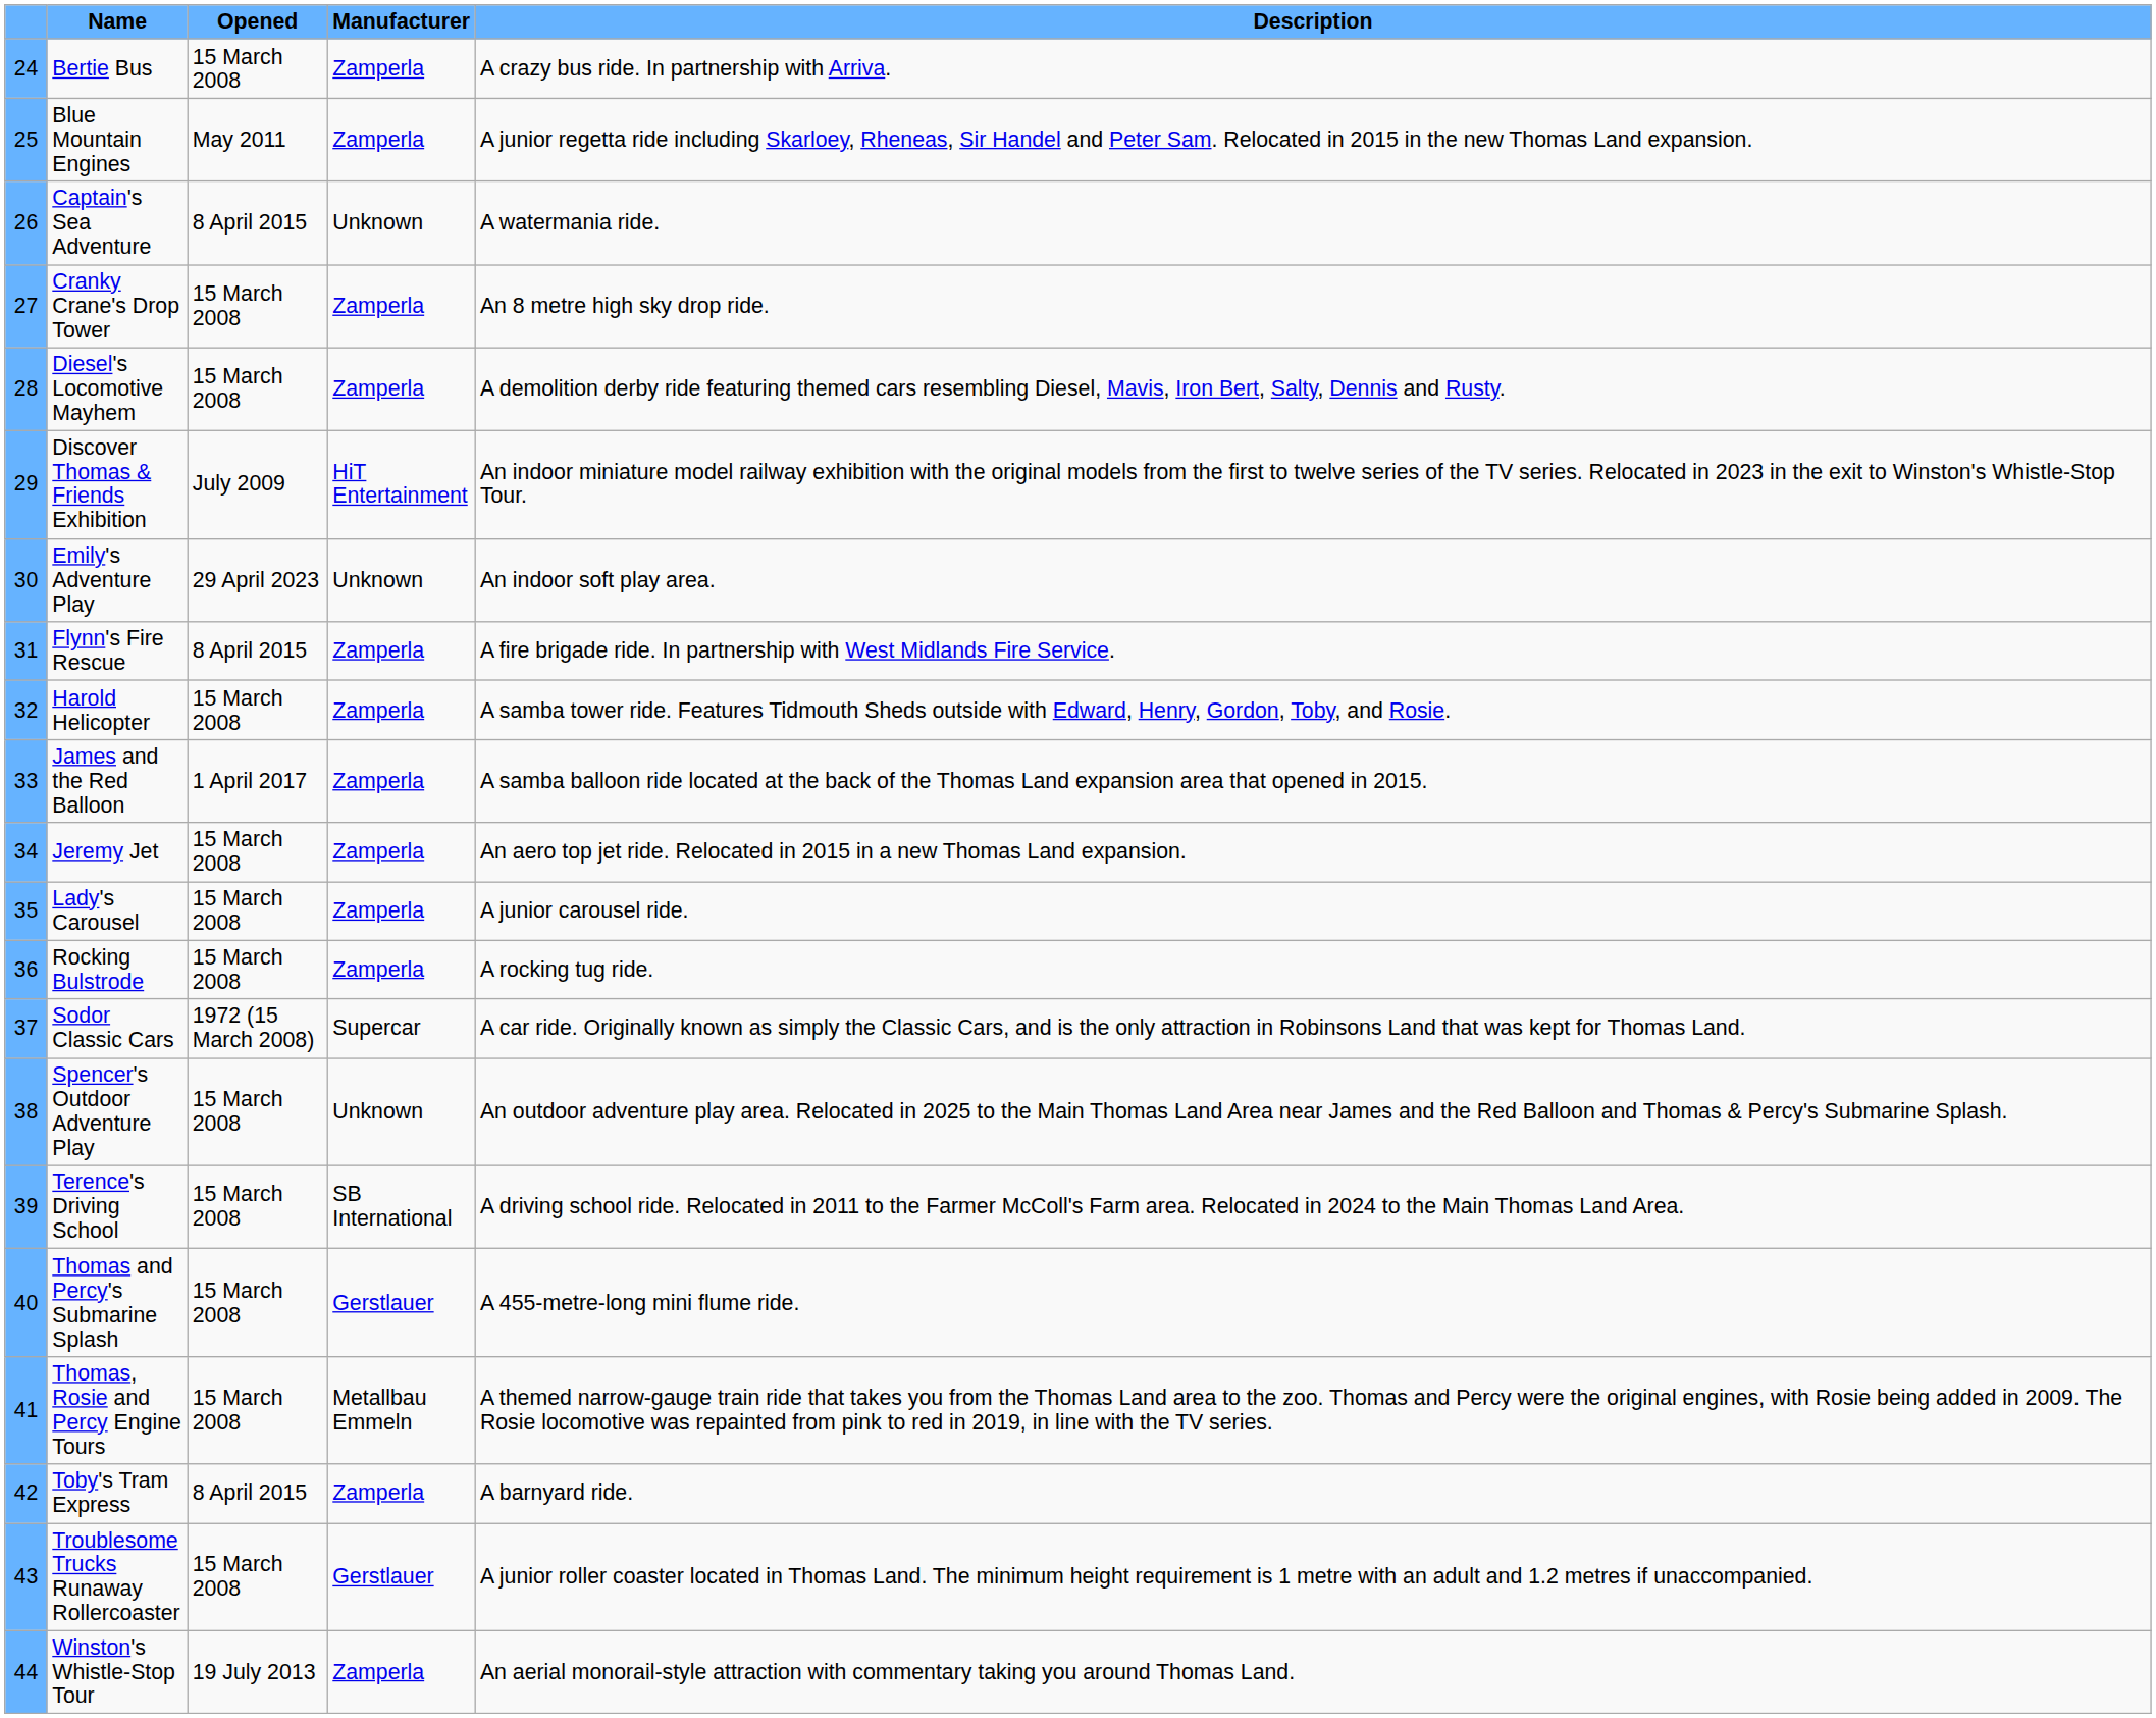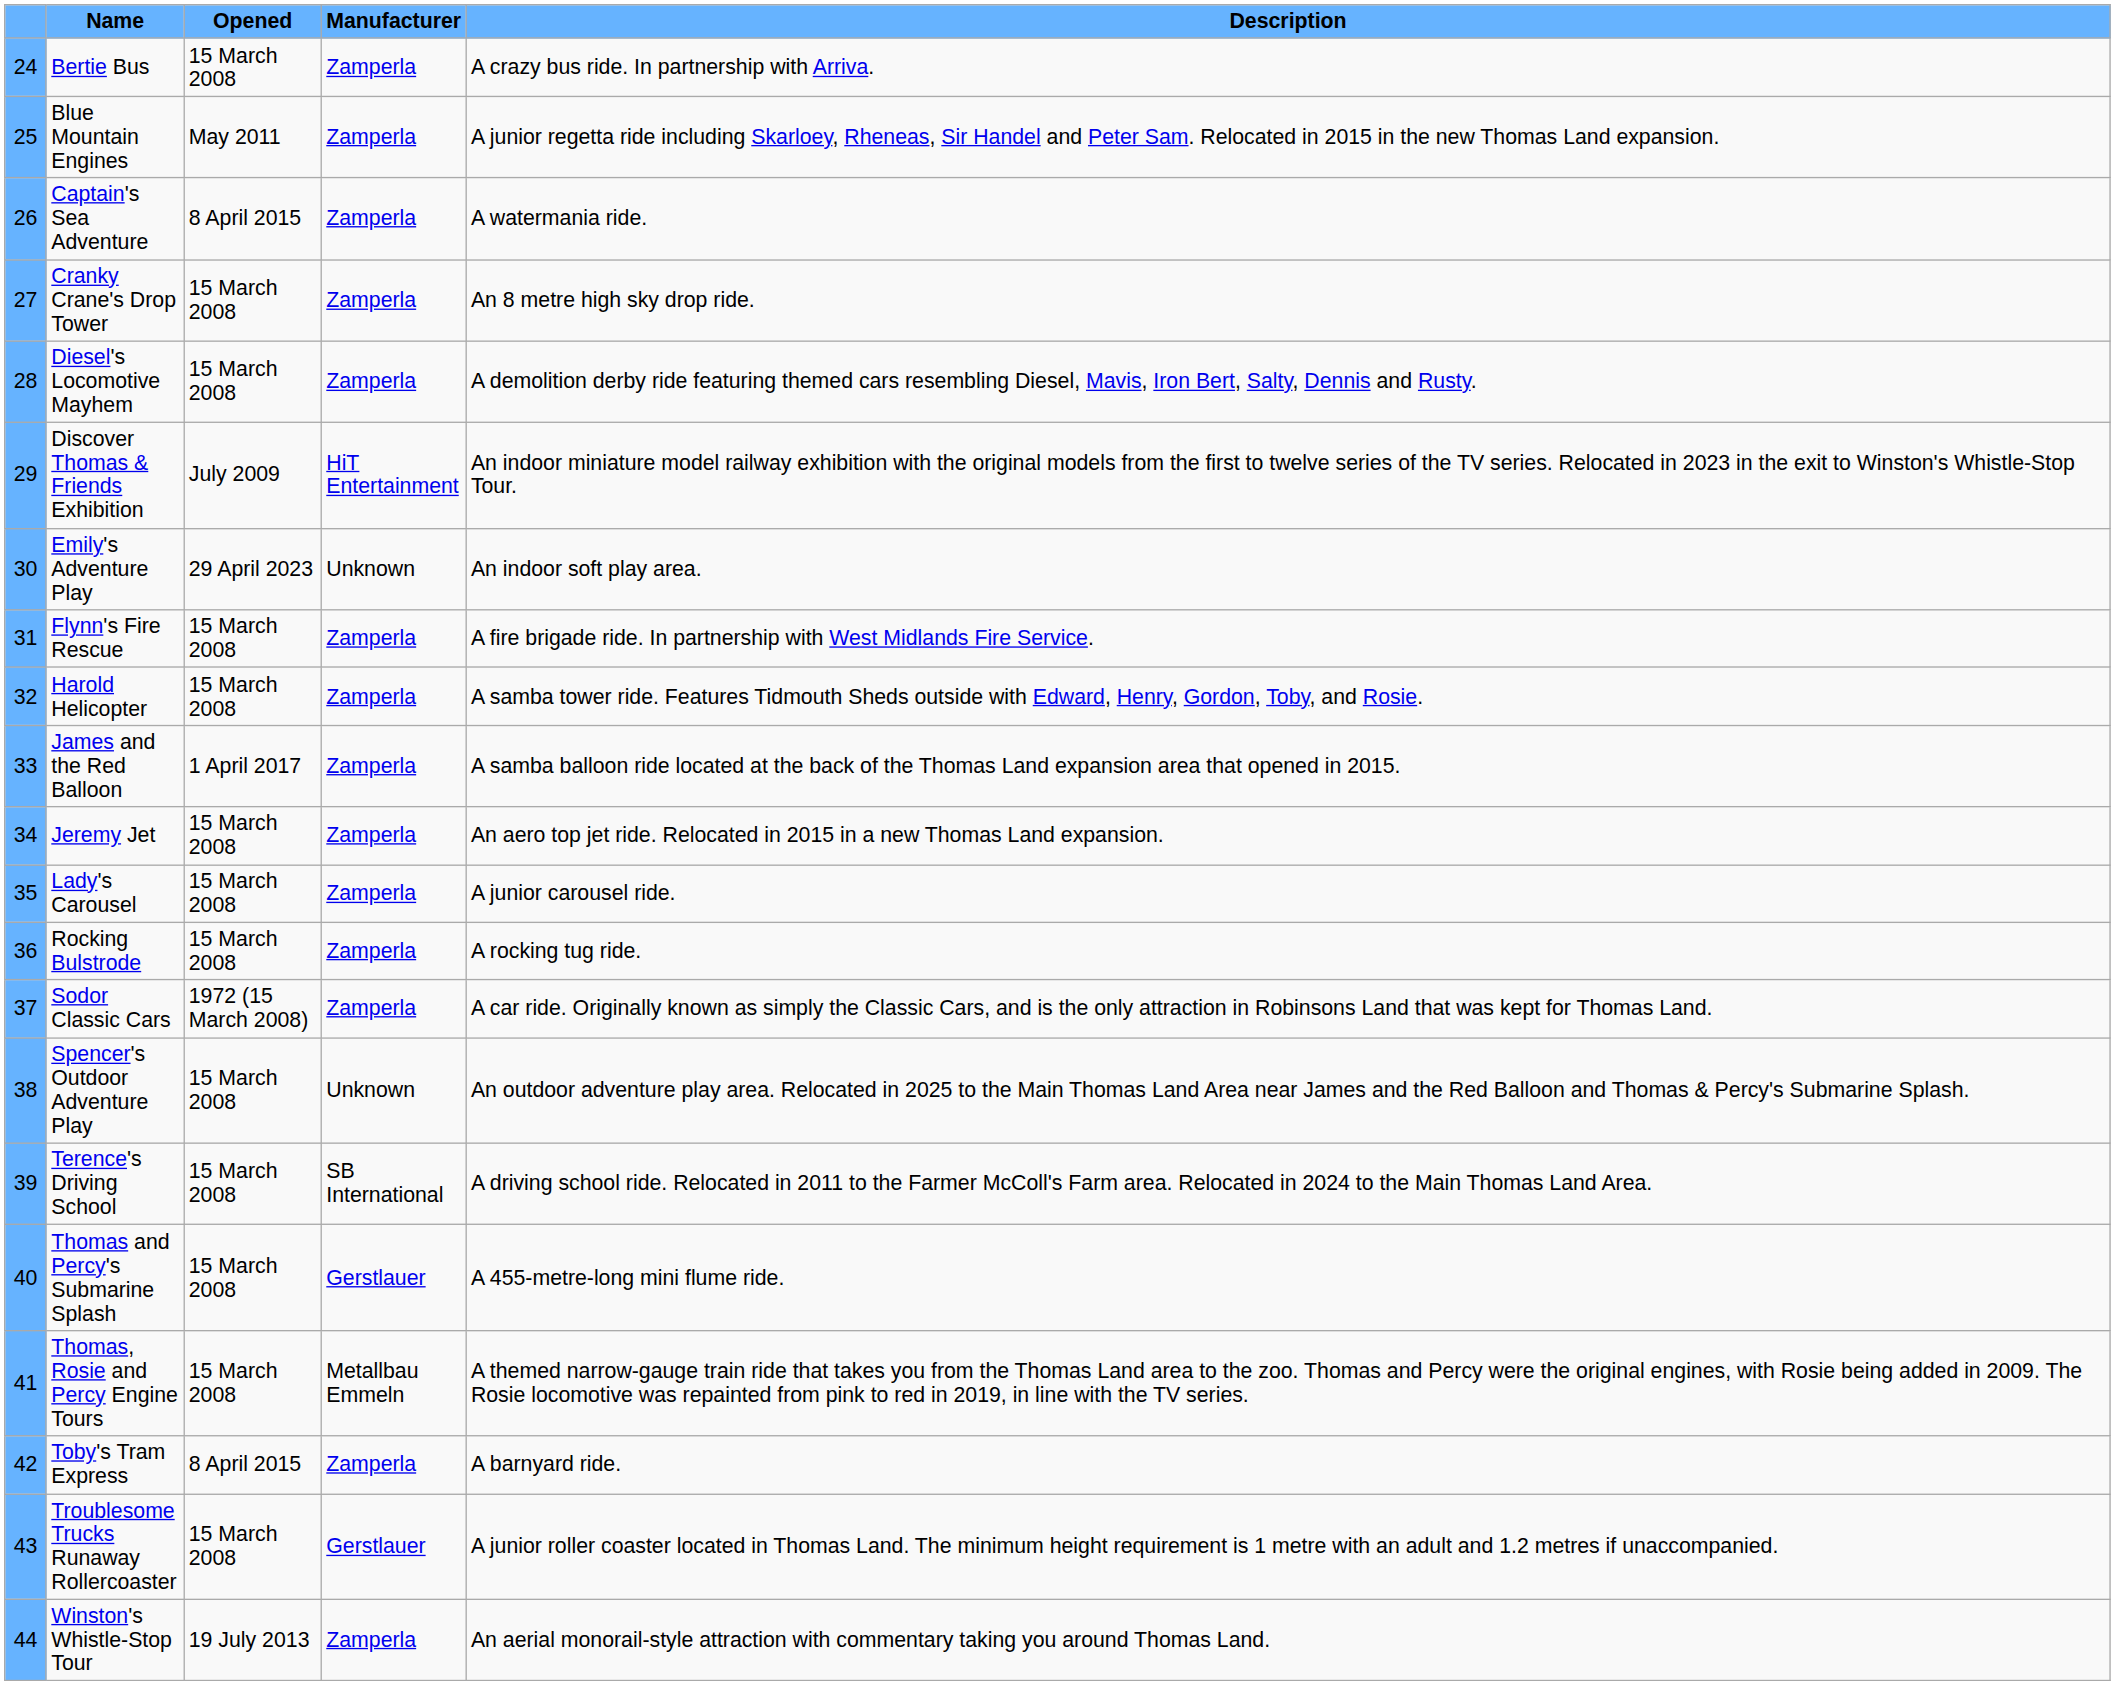 <table class="wikitable sortable" style="width: 100%; font sizes: 95%;">
 <tr>
 <th style="background-color: #66b3ff; width: 1.5em;"></th>
 <th style="background-color: #66b3ff; width: 6em;">Name</th>
 <th style="background-color: #66b3ff; width: 6em;">Opened</th>
 <th style="background-color: #66b3ff; width: 6em;">Manufacturer</th>
 <th style="background-color: #66b3ff;">Description</th>
 </tr>
 <tr>
 <td bgcolor="#66b3ff" style="text-align: center;">24</td>
 <td><a href='#'>Bertie</a> Bus</td>
 <td>15 March 2008</td>
 <td><a href='#'>Zamperla</a></td>
 <td>A crazy bus ride. In partnership with <a href='#'>Arriva</a>.</td>
 </tr>
 <tr>
 <td bgcolor="#66b3ff" style="text-align: center;">25</td>
 <td>Blue Mountain Engines</td>
 <td>May 2011</td>
 <td><a href='#'>Zamperla</a></td>
 <td>A junior regetta ride including <a href='#'>Skarloey</a>, <a href='#'>Rheneas</a>, <a href='#'>Sir Handel</a> and <a href='#'>Peter Sam</a>. Relocated in 2015 in the new Thomas Land expansion.</td>
 </tr>
 <tr>
 <td bgcolor="#66b3ff" style="text-align: center;">26</td>
 <td><a href='#'>Captain</a>'s Sea Adventure</td>
 <td>8 April 2015</td>
-<td>Unknown</td>
+<td><a href='#'>Zamperla</a></td>
 <td>A watermania ride.</td>
 </tr>
 <tr>
 <td bgcolor="#66b3ff" style="text-align: center;">27</td>
 <td><a href='#'>Cranky</a> Crane's Drop Tower</td>
 <td>15 March 2008</td>
 <td><a href='#'>Zamperla</a></td>
 <td>An 8 metre high sky drop ride.</td>
 </tr>
 <tr>
 <td bgcolor="#66b3ff" style="text-align: center;">28</td>
 <td><a href='#'>Diesel</a>'s Locomotive Mayhem</td>
 <td>15 March 2008</td>
 <td><a href='#'>Zamperla</a></td>
 <td>A demolition derby ride featuring themed cars resembling Diesel, <a href='#'>Mavis</a>, <a href='#'>Iron Bert</a>, <a href='#'>Salty</a>, <a href='#'>Dennis</a> and <a href='#'>Rusty</a>.</td>
 </tr>
 <tr>
 <td bgcolor="#66b3ff" style="text-align: center;">29</td>
 <td>Discover <a href='#'>Thomas & Friends</a> Exhibition</td>
 <td>July 2009</td>
 <td><a href='#'>HiT Entertainment</a></td>
 <td>An indoor miniature model railway exhibition with the original models from the first to twelve series of the TV series. Relocated in 2023 in the exit to Winston's Whistle-Stop Tour.</td>
 </tr>
 <tr>
 <td bgcolor="#66b3ff" style="text-align: center;">30</td>
 <td><a href='#'>Emily</a>'s Adventure Play</td>
 <td>29 April 2023</td>
 <td>Unknown</td>
 <td>An indoor soft play area.</td>
 </tr>
 <tr>
 <td bgcolor="#66b3ff" style="text-align: center;">31</td>
 <td><a href='#'>Flynn</a>'s Fire Rescue</td>
-<td>8 April 2015</td>
+<td>15 March 2008</td>
 <td><a href='#'>Zamperla</a></td>
 <td>A fire brigade ride. In partnership with <a href='#'>West Midlands Fire Service</a>.</td>
 </tr>
 <tr>
 <td bgcolor="#66b3ff" style="text-align: center;">32</td>
 <td><a href='#'>Harold</a> Helicopter</td>
 <td>15 March 2008</td>
 <td><a href='#'>Zamperla</a></td>
 <td>A samba tower ride. Features Tidmouth Sheds outside with <a href='#'>Edward</a>, <a href='#'>Henry</a>, <a href='#'>Gordon</a>, <a href='#'>Toby</a>, and <a href='#'>Rosie</a>.</td>
 </tr>
 <tr>
 <td bgcolor="#66b3ff" style="text-align: center;">33</td>
 <td><a href='#'>James</a> and the Red Balloon</td>
 <td>1 April 2017</td>
 <td><a href='#'>Zamperla</a></td>
 <td>A samba balloon ride located at the back of the Thomas Land expansion area that opened in 2015.</td>
 </tr>
 <tr>
 <td bgcolor="#66b3ff" style="text-align: center;">34</td>
 <td><a href='#'>Jeremy</a> Jet</td>
 <td>15 March 2008</td>
 <td><a href='#'>Zamperla</a></td>
 <td>An aero top jet ride. Relocated in 2015 in a new Thomas Land expansion.</td>
 </tr>
 <tr>
 <td bgcolor="#66b3ff" style="text-align: center;">35</td>
 <td><a href='#'>Lady</a>'s Carousel</td>
 <td>15 March 2008</td>
 <td><a href='#'>Zamperla</a></td>
 <td>A junior carousel ride.</td>
 </tr>
 <tr>
 <td bgcolor="#66b3ff" style="text-align: center;">36</td>
 <td>Rocking <a href='#'>Bulstrode</a></td>
 <td>15 March 2008</td>
 <td><a href='#'>Zamperla</a></td>
 <td>A rocking tug ride.</td>
 </tr>
 <tr>
 <td bgcolor="#66b3ff" style="text-align: center;">37</td>
 <td><a href='#'>Sodor</a> Classic Cars</td>
 <td>1972 (15 March 2008)</td>
-<td>Supercar</td>
+<td><a href='#'>Zamperla</a></td>
 <td>A car ride. Originally known as simply the Classic Cars, and is the only attraction in Robinsons Land that was kept for Thomas Land.</td>
 </tr>
 <tr>
 <td bgcolor="#66b3ff" style="text-align: center;">38</td>
 <td><a href='#'>Spencer</a>'s Outdoor Adventure Play</td>
 <td>15 March 2008</td>
 <td>Unknown</td>
 <td>An outdoor adventure play area. Relocated in 2025 to the Main Thomas Land Area near James and the Red Balloon and Thomas & Percy's Submarine Splash.</td>
 </tr>
 <tr>
 <td bgcolor="#66b3ff" style="text-align: center;">39</td>
 <td><a href='#'>Terence</a>'s Driving School</td>
 <td>15 March 2008</td>
 <td>SB International</td>
 <td>A driving school ride. Relocated in 2011 to the Farmer McColl's Farm area. Relocated in 2024 to the Main Thomas Land Area.</td>
 </tr>
 <tr>
 <td bgcolor="#66b3ff" style="text-align: center;">40</td>
 <td><a href='#'>Thomas</a> and <a href='#'>Percy</a>'s Submarine Splash</td>
 <td>15 March 2008</td>
 <td><a href='#'>Gerstlauer</a></td>
 <td>A 455-metre-long mini flume ride.</td>
 </tr>
 <tr>
 <td bgcolor="#66b3ff" style="text-align: center;">41</td>
 <td><a href='#'>Thomas</a>, <a href='#'>Rosie</a> and <a href='#'>Percy</a> Engine Tours</td>
 <td>15 March 2008</td>
 <td>Metallbau Emmeln</td>
 <td>A themed narrow-gauge train ride that takes you from the Thomas Land area to the zoo. Thomas and Percy were the original engines, with Rosie being added in 2009. The Rosie locomotive was repainted from pink to red in 2019, in line with the TV series.</td>
 </tr>
 <tr>
 <td bgcolor="#66b3ff" style="text-align: center;">42</td>
 <td><a href='#'>Toby</a>'s Tram Express</td>
 <td>8 April 2015</td>
 <td><a href='#'>Zamperla</a></td>
 <td>A barnyard ride.</td>
 </tr>
 <tr>
 <td bgcolor="#66b3ff" style="text-align: center;">43</td>
 <td><a href='#'>Troublesome Trucks</a> Runaway Rollercoaster</td>
 <td>15 March 2008</td>
 <td><a href='#'>Gerstlauer</a></td>
 <td>A junior roller coaster located in Thomas Land. The minimum height requirement is 1 metre with an adult and 1.2 metres if unaccompanied.</td>
 </tr>
 <tr>
 <td bgcolor="#66b3ff" style="text-align: center;">44</td>
 <td><a href='#'>Winston</a>'s Whistle-Stop Tour</td>
 <td>19 July 2013</td>
 <td><a href='#'>Zamperla</a></td>
 <td>An aerial monorail-style attraction with commentary taking you around Thomas Land.</td>
 </tr>
 </table>
